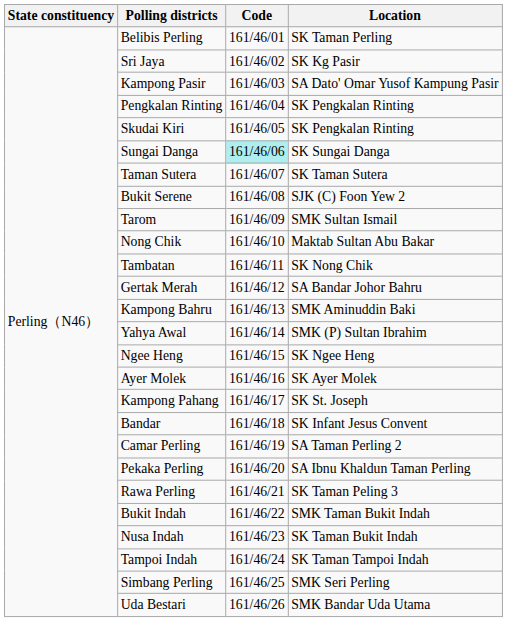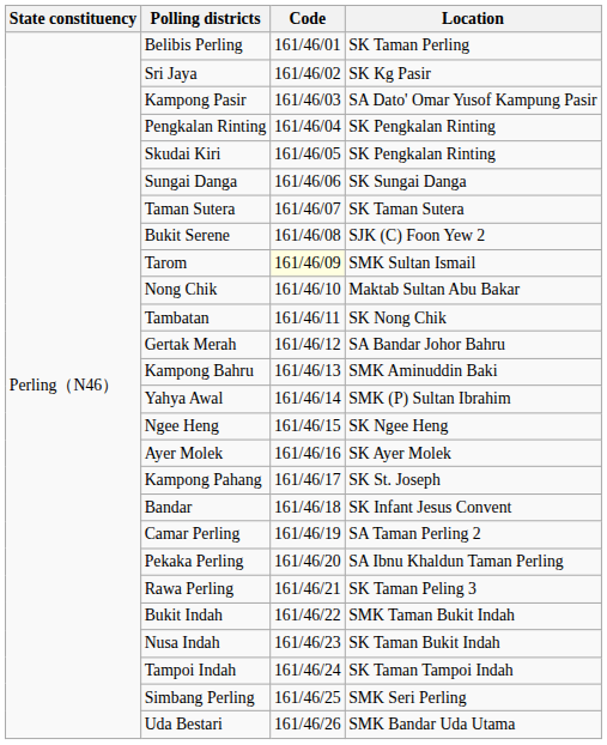 <table class="wikitable sortable mw-collapsible" style="white-space:nowrap;font-size:85%">
 <tr>
 <th>State constituency</th>
 <th>Polling districts</th>
 <th>Code</th>
 <th>Location</th>
 </tr>
 <tr>
 <td rowspan="26">Perling（N46）</td>
 <td>Belibis Perling</td>
 <td>161/46/01</td>
 <td>SK Taman Perling</td>
 </tr>
 <tr>
 <td>Sri Jaya</td>
 <td>161/46/02</td>
 <td>SK Kg Pasir</td>
 </tr>
 <tr>
 <td>Kampong Pasir</td>
 <td>161/46/03</td>
 <td>SA Dato' Omar Yusof Kampung Pasir</td>
 </tr>
 <tr>
 <td>Pengkalan Rinting</td>
 <td>161/46/04</td>
 <td>SK Pengkalan Rinting</td>
 </tr>
 <tr>
 <td>Skudai Kiri</td>
 <td>161/46/05</td>
 <td>SK Pengkalan Rinting</td>
 </tr>
 <tr>
 <td>Sungai Danga</td>
-<td style="background: paleturquoise;">161/46/06</td>
+<td>161/46/06</td>
 <td>SK Sungai Danga</td>
 </tr>
 <tr>
 <td>Taman Sutera</td>
 <td>161/46/07</td>
 <td>SK Taman Sutera</td>
 </tr>
 <tr>
 <td>Bukit Serene</td>
 <td>161/46/08</td>
 <td>SJK (C) Foon Yew 2</td>
 </tr>
 <tr>
 <td>Tarom</td>
-<td>161/46/09</td>
+<td style="background: lightyellow;">161/46/09</td>
 <td>SMK Sultan Ismail</td>
 </tr>
 <tr>
 <td>Nong Chik</td>
 <td>161/46/10</td>
 <td>Maktab Sultan Abu Bakar</td>
 </tr>
 <tr>
 <td>Tambatan</td>
 <td>161/46/11</td>
 <td>SK Nong Chik</td>
 </tr>
 <tr>
 <td>Gertak Merah</td>
 <td>161/46/12</td>
 <td>SA Bandar Johor Bahru</td>
 </tr>
 <tr>
 <td>Kampong Bahru</td>
 <td>161/46/13</td>
 <td>SMK Aminuddin Baki</td>
 </tr>
 <tr>
 <td>Yahya Awal</td>
 <td>161/46/14</td>
 <td>SMK (P) Sultan Ibrahim</td>
 </tr>
 <tr>
 <td>Ngee Heng</td>
 <td>161/46/15</td>
 <td>SK Ngee Heng</td>
 </tr>
 <tr>
 <td>Ayer Molek</td>
 <td>161/46/16</td>
 <td>SK Ayer Molek</td>
 </tr>
 <tr>
 <td>Kampong Pahang</td>
 <td>161/46/17</td>
 <td>SK St. Joseph</td>
 </tr>
 <tr>
 <td>Bandar</td>
 <td>161/46/18</td>
 <td>SK Infant Jesus Convent</td>
 </tr>
 <tr>
 <td>Camar Perling</td>
 <td>161/46/19</td>
 <td>SA Taman Perling 2</td>
 </tr>
 <tr>
 <td>Pekaka Perling</td>
 <td>161/46/20</td>
 <td>SA Ibnu Khaldun Taman Perling</td>
 </tr>
 <tr>
 <td>Rawa Perling</td>
 <td>161/46/21</td>
 <td>SK Taman Peling 3</td>
 </tr>
 <tr>
 <td>Bukit Indah</td>
 <td>161/46/22</td>
 <td>SMK Taman Bukit Indah</td>
 </tr>
 <tr>
 <td>Nusa Indah</td>
 <td>161/46/23</td>
 <td>SK Taman Bukit Indah</td>
 </tr>
 <tr>
 <td>Tampoi Indah</td>
 <td>161/46/24</td>
 <td>SK Taman Tampoi Indah</td>
 </tr>
 <tr>
 <td>Simbang Perling</td>
 <td>161/46/25</td>
 <td>SMK Seri Perling</td>
 </tr>
 <tr>
 <td>Uda Bestari</td>
 <td>161/46/26</td>
 <td>SMK Bandar Uda Utama</td>
 </tr>
 </table>
